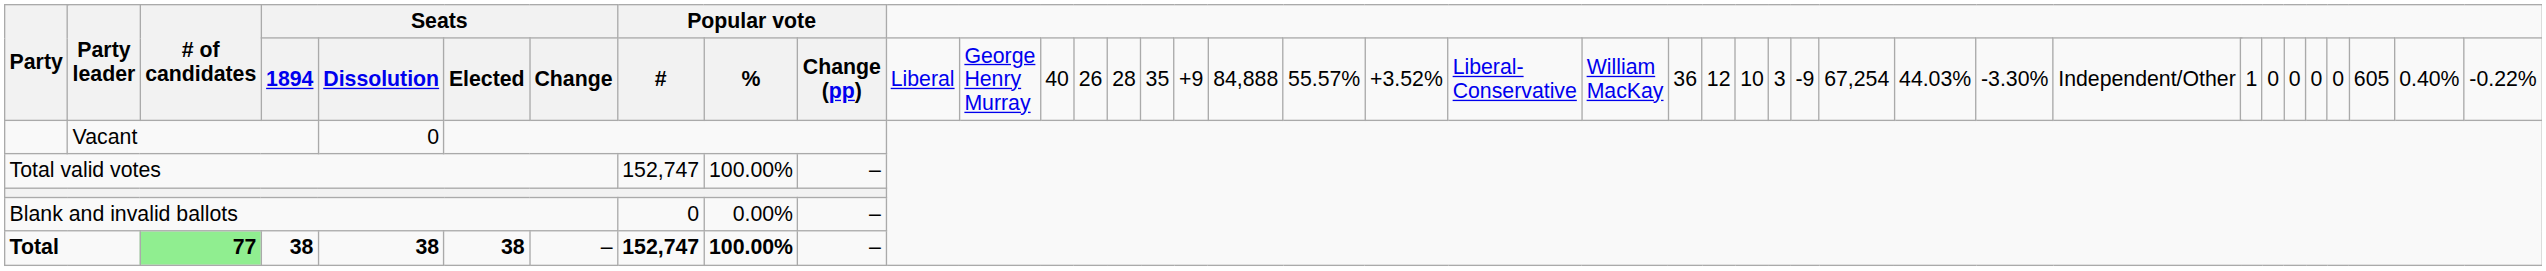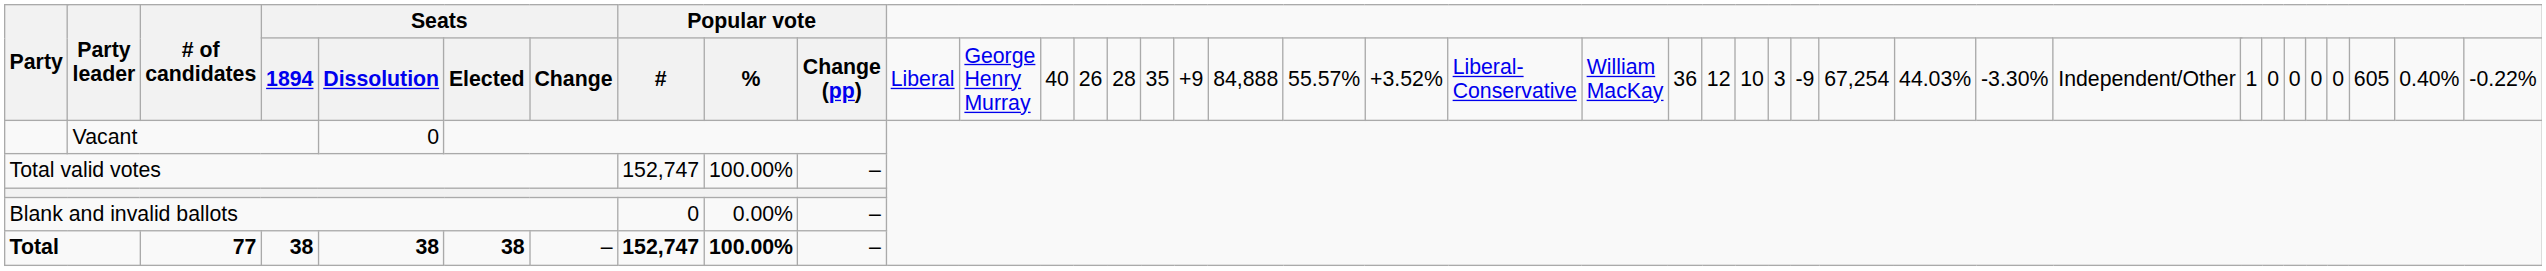 <table class="wikitable">
 <tr>
 <th rowspan="2" colspan="2">Party</th>
 <th rowspan="2">Party leader</th>
 <th rowspan="2"># of<br>candidates</th>
 <th colspan="4">Seats</th>
 <th colspan="3">Popular vote</th>
 </tr>
 <tr>
 <th><a href='#'>1894</a></th>
 <th><span><a href='#'>Dissolution</a></span></th>
 <th>Elected</th>
 <th>Change</th>
 <th>#</th>
 <th>%</th>
 <th>Change (<a href='#'>pp</a>)<br></th>
 <td><a href='#'>Liberal</a></td>
 <td><a href='#'>George Henry Murray</a></td>
 <td align="right">40</td>
 <td align="right">26</td>
 <td align="right">28</td>
 <td align="right">35</td>
 <td align="right">+9</td>
 <td align="right">84,888</td>
 <td align="right">55.57%</td>
 <td align="right">+3.52%<br></td>
 <td><a href='#'>Liberal-Conservative</a></td>
 <td><a href='#'>William MacKay</a></td>
 <td align="right">36</td>
 <td align="right">12</td>
 <td align="right">10</td>
 <td align="right">3</td>
 <td align="right">-9</td>
 <td align="right">67,254</td>
 <td align="right">44.03%</td>
 <td align="right">-3.30%<br></td>
 <td colspan=2>Independent/Other</td>
 <td align="right">1</td>
 <td align="right">0</td>
 <td align="right">0</td>
 <td align="right">0</td>
 <td align="right">0</td>
 <td align="right">605</td>
 <td align="right">0.40%</td>
 <td align="right">-0.22%</td>
 </tr>
 <tr>
 <td> </td>
 <td colspan=4>Vacant</td>
 <td align="right">0</td>
 <td colspan=5> </td>
 </tr>
 <tr>
 <td colspan="8">Total valid votes</td>
 <td align="right">152,747</td>
 <td align="right">100.00%</td>
 <td align="right">–</td>
 </tr>
 <tr>
 <th colspan="11"></th>
 </tr>
 <tr>
 <td colspan="8">Blank and invalid ballots</td>
 <td align="right">0</td>
 <td align="right">0.00%</td>
 <td align="right">–</td>
 </tr>
 <tr>
 <td colspan=3><strong>Total</strong></td>
-<td align="right" style="background: lightgreen;"><strong>77</strong></td>
+<td align="right"><strong>77</strong></td>
 <td align="right"><strong>38</strong></td>
 <td align="right"><strong>38</strong></td>
 <td align="right"><strong>38</strong></td>
 <td align="right">–</td>
 <td align="right"><strong>152,747</strong></td>
 <td align="right"><strong>100.00%</strong></td>
 <td align="right">–</td>
 </tr>
 </table>
